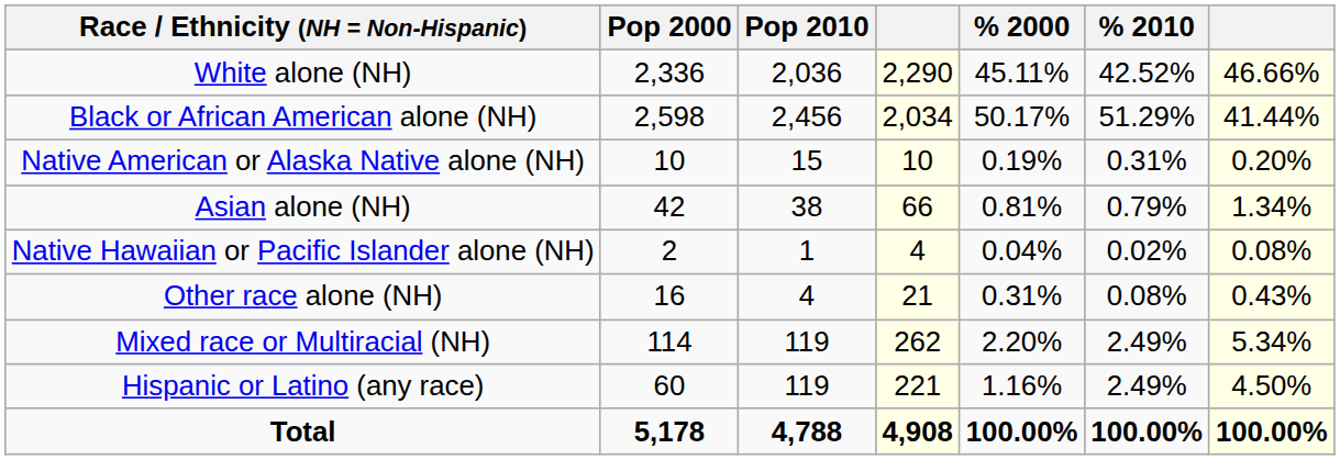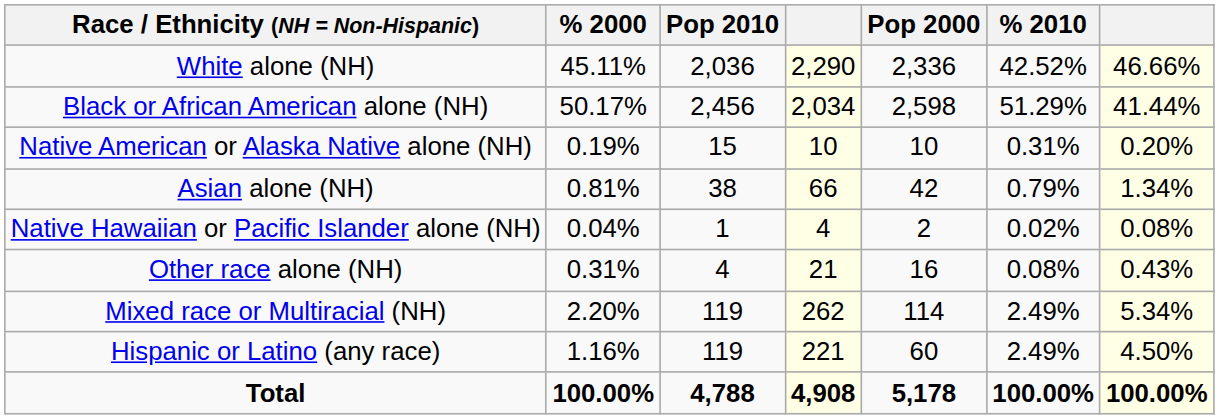 <table class="wikitable" style="text-align:center;">
 <tr>
 <th>Race / Ethnicity <small>(<em>NH = Non-Hispanic</em>)</small></th>
-<th>Pop 2000</th>
+<th>% 2000</th>
 <th>Pop 2010</th>
 <th></th>
-<th>% 2000</th>
+<th>Pop 2000</th>
 <th>% 2010</th>
 <th></th>
 </tr>
 <tr>
 <td><a href='#'>White</a> alone (NH)</td>
-<td>2,336</td>
+<td>45.11%</td>
 <td>2,036</td>
 <td style='background: #ffffe6;'>2,290</td>
-<td>45.11%</td>
+<td>2,336</td>
 <td>42.52%</td>
 <td style='background: #ffffe6;'>46.66%</td>
 </tr>
 <tr>
 <td><a href='#'>Black or African American</a> alone (NH)</td>
-<td>2,598</td>
+<td>50.17%</td>
 <td>2,456</td>
 <td style='background: #ffffe6;'>2,034</td>
-<td>50.17%</td>
+<td>2,598</td>
 <td>51.29%</td>
 <td style='background: #ffffe6;'>41.44%</td>
 </tr>
 <tr>
 <td><a href='#'>Native American</a> or <a href='#'>Alaska Native</a> alone (NH)</td>
-<td>10</td>
+<td>0.19%</td>
 <td>15</td>
 <td style='background: #ffffe6;'>10</td>
-<td>0.19%</td>
+<td>10</td>
 <td>0.31%</td>
 <td style='background: #ffffe6;'>0.20%</td>
 </tr>
 <tr>
 <td><a href='#'>Asian</a> alone (NH)</td>
-<td>42</td>
+<td>0.81%</td>
 <td>38</td>
 <td style='background: #ffffe6;'>66</td>
-<td>0.81%</td>
+<td>42</td>
 <td>0.79%</td>
 <td style='background: #ffffe6;'>1.34%</td>
 </tr>
 <tr>
 <td><a href='#'>Native Hawaiian</a> or <a href='#'>Pacific Islander</a> alone (NH)</td>
-<td>2</td>
+<td>0.04%</td>
 <td>1</td>
 <td style='background: #ffffe6;'>4</td>
-<td>0.04%</td>
+<td>2</td>
 <td>0.02%</td>
 <td style='background: #ffffe6;'>0.08%</td>
 </tr>
 <tr>
 <td><a href='#'>Other race</a> alone (NH)</td>
-<td>16</td>
+<td>0.31%</td>
 <td>4</td>
 <td style='background: #ffffe6;'>21</td>
-<td>0.31%</td>
+<td>16</td>
 <td>0.08%</td>
 <td style='background: #ffffe6;'>0.43%</td>
 </tr>
 <tr>
 <td><a href='#'>Mixed race or Multiracial</a> (NH)</td>
-<td>114</td>
+<td>2.20%</td>
 <td>119</td>
 <td style='background: #ffffe6;'>262</td>
-<td>2.20%</td>
+<td>114</td>
 <td>2.49%</td>
 <td style='background: #ffffe6;'>5.34%</td>
 </tr>
 <tr>
 <td><a href='#'>Hispanic or Latino</a> (any race)</td>
-<td>60</td>
+<td>1.16%</td>
 <td>119</td>
 <td style='background: #ffffe6;'>221</td>
-<td>1.16%</td>
+<td>60</td>
 <td>2.49%</td>
 <td style='background: #ffffe6;'>4.50%</td>
 </tr>
 <tr>
 <td><strong>Total</strong></td>
-<td><strong>5,178</strong></td>
+<td><strong>100.00%</strong></td>
 <td><strong>4,788</strong></td>
 <td style='background: #ffffe6;'><strong>4,908</strong></td>
-<td><strong>100.00%</strong></td>
+<td><strong>5,178</strong></td>
 <td><strong>100.00%</strong></td>
 <td style='background: #ffffe6;'><strong>100.00%</strong></td>
 </tr>
 </table>
